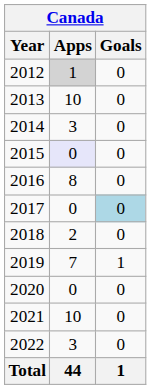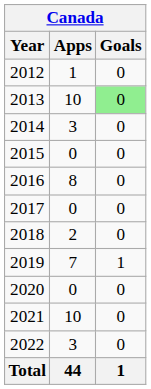 <table class="wikitable" style="text-align:center">
 <tr>
 <th colspan="3"><a href='#'>Canada</a></th>
 </tr>
 <tr>
 <th>Year</th>
 <th>Apps</th>
 <th>Goals</th>
 </tr>
 <tr>
 <td>2012</td>
-<td style="background: lightgrey;">1</td>
+<td>1</td>
 <td>0</td>
 </tr>
 <tr>
 <td>2013</td>
 <td>10</td>
-<td>0</td>
+<td style="background: lightgreen;">0</td>
 </tr>
 <tr>
 <td>2014</td>
 <td>3</td>
 <td>0</td>
 </tr>
 <tr>
 <td>2015</td>
-<td style="background: lavender;">0</td>
+<td>0</td>
 <td>0</td>
 </tr>
 <tr>
 <td>2016</td>
 <td>8</td>
 <td>0</td>
 </tr>
 <tr>
 <td>2017</td>
 <td>0</td>
-<td style="background: lightblue;">0</td>
+<td>0</td>
 </tr>
 <tr>
 <td>2018</td>
 <td>2</td>
 <td>0</td>
 </tr>
 <tr>
 <td>2019</td>
 <td>7</td>
 <td>1</td>
 </tr>
 <tr>
 <td>2020</td>
 <td>0</td>
 <td>0</td>
 </tr>
 <tr>
 <td>2021</td>
 <td>10</td>
 <td>0</td>
 </tr>
 <tr>
 <td>2022</td>
 <td>3</td>
 <td>0</td>
 </tr>
 <tr>
 <th>Total</th>
 <th>44</th>
 <th>1</th>
 </tr>
 </table>
